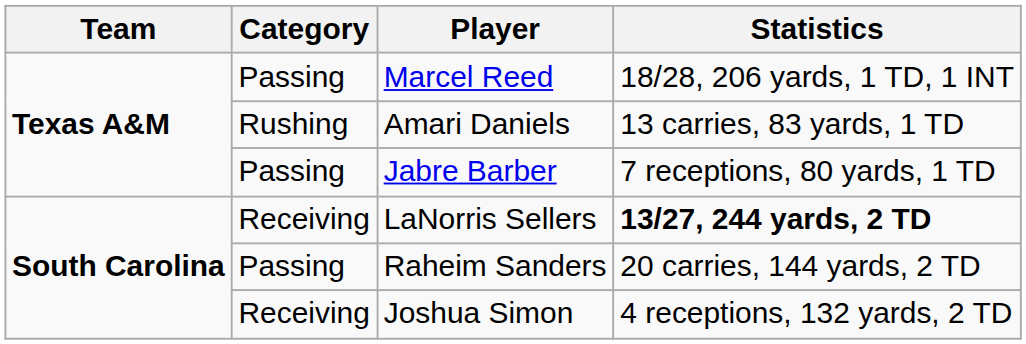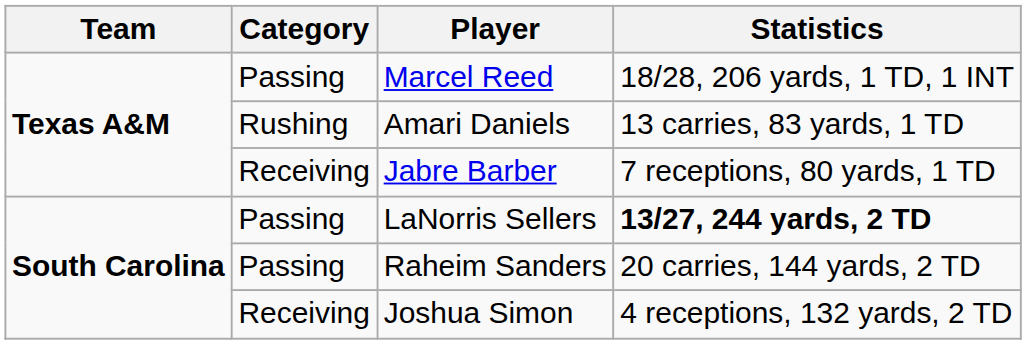 <table class="wikitable" style="float: right;">
 <tr>
 <th>Team</th>
 <th>Category</th>
 <th>Player</th>
 <th>Statistics</th>
 </tr>
 <tr>
 <td rowspan=3><strong>Texas A&M</strong></td>
 <td>Passing</td>
 <td><a href='#'>Marcel Reed</a></td>
 <td>18/28, 206 yards, 1 TD, 1 INT</td>
 </tr>
 <tr>
 <td>Rushing</td>
 <td>Amari Daniels</td>
 <td>13 carries, 83 yards, 1 TD</td>
 </tr>
 <tr>
-<td>Passing</td>
+<td>Receiving</td>
 <td><a href='#'>Jabre Barber</a></td>
 <td>7 receptions, 80 yards, 1 TD</td>
 </tr>
 <tr>
 <td rowspan=3><strong>South Carolina</strong></td>
-<td>Receiving</td>
+<td>Passing</td>
 <td>LaNorris Sellers</td>
 <td><strong>13/27, 244 yards, 2 TD</strong></td>
 </tr>
 <tr>
 <td>Passing</td>
 <td>Raheim Sanders</td>
 <td>20 carries, 144 yards, 2 TD</td>
 </tr>
 <tr>
 <td>Receiving</td>
 <td>Joshua Simon</td>
 <td>4 receptions, 132 yards, 2 TD</td>
 </tr>
 </table>
